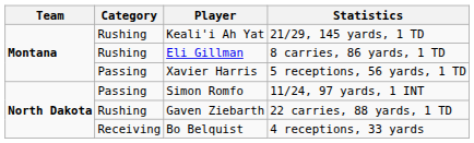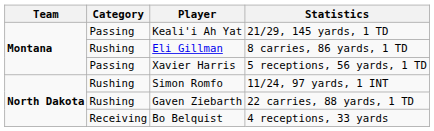 <table class="wikitable" style="float: right;">
 <tr>
 <th>Team</th>
 <th>Category</th>
 <th>Player</th>
 <th>Statistics</th>
 </tr>
 <tr>
 <td rowspan=3><strong>Montana</strong></td>
-<td>Rushing</td>
+<td>Passing</td>
 <td>Keali'i Ah Yat</td>
 <td>21/29, 145 yards, 1 TD</td>
 </tr>
 <tr>
 <td>Rushing</td>
 <td><a href='#'>Eli Gillman</a></td>
 <td>8 carries, 86 yards, 1 TD</td>
 </tr>
 <tr>
 <td>Passing</td>
 <td>Xavier Harris</td>
 <td>5 receptions, 56 yards, 1 TD</td>
 </tr>
 <tr>
 <td rowspan=3><strong>North Dakota</strong></td>
-<td>Passing</td>
+<td>Rushing</td>
 <td>Simon Romfo</td>
 <td>11/24, 97 yards, 1 INT</td>
 </tr>
 <tr>
 <td>Rushing</td>
 <td>Gaven Ziebarth</td>
 <td>22 carries, 88 yards, 1 TD</td>
 </tr>
 <tr>
 <td>Receiving</td>
 <td>Bo Belquist</td>
 <td>4 receptions, 33 yards</td>
 </tr>
 </table>
